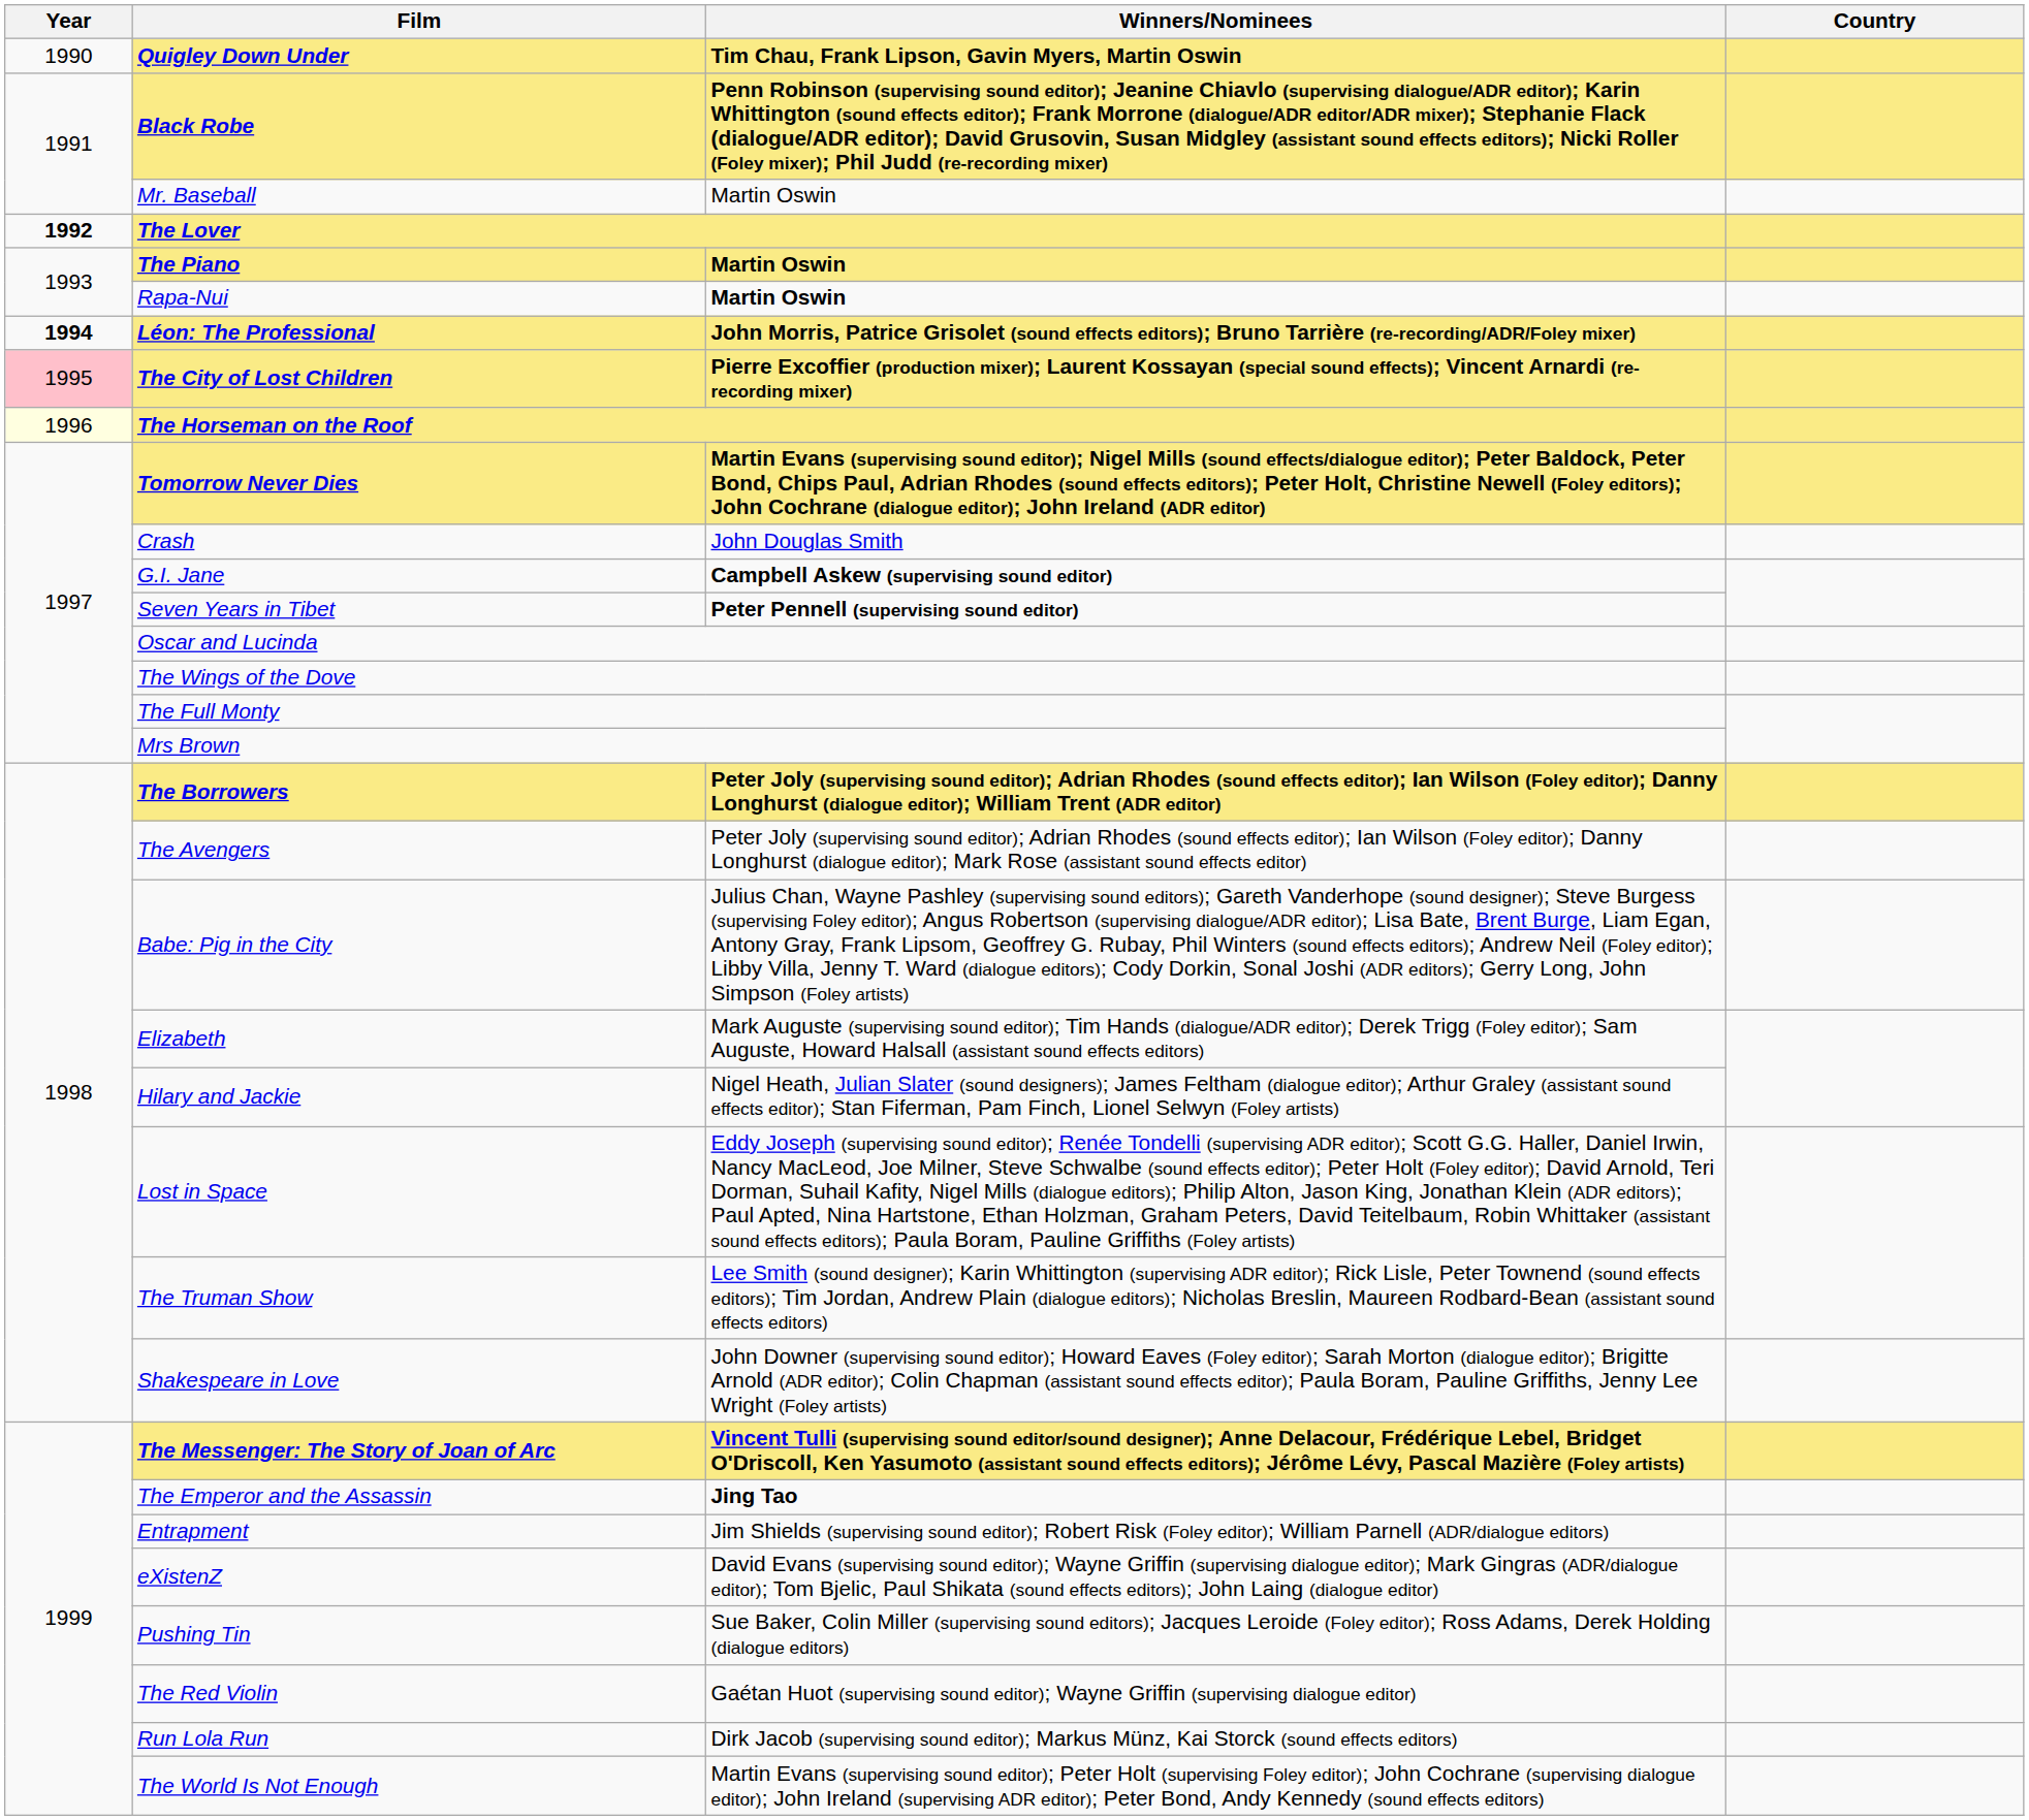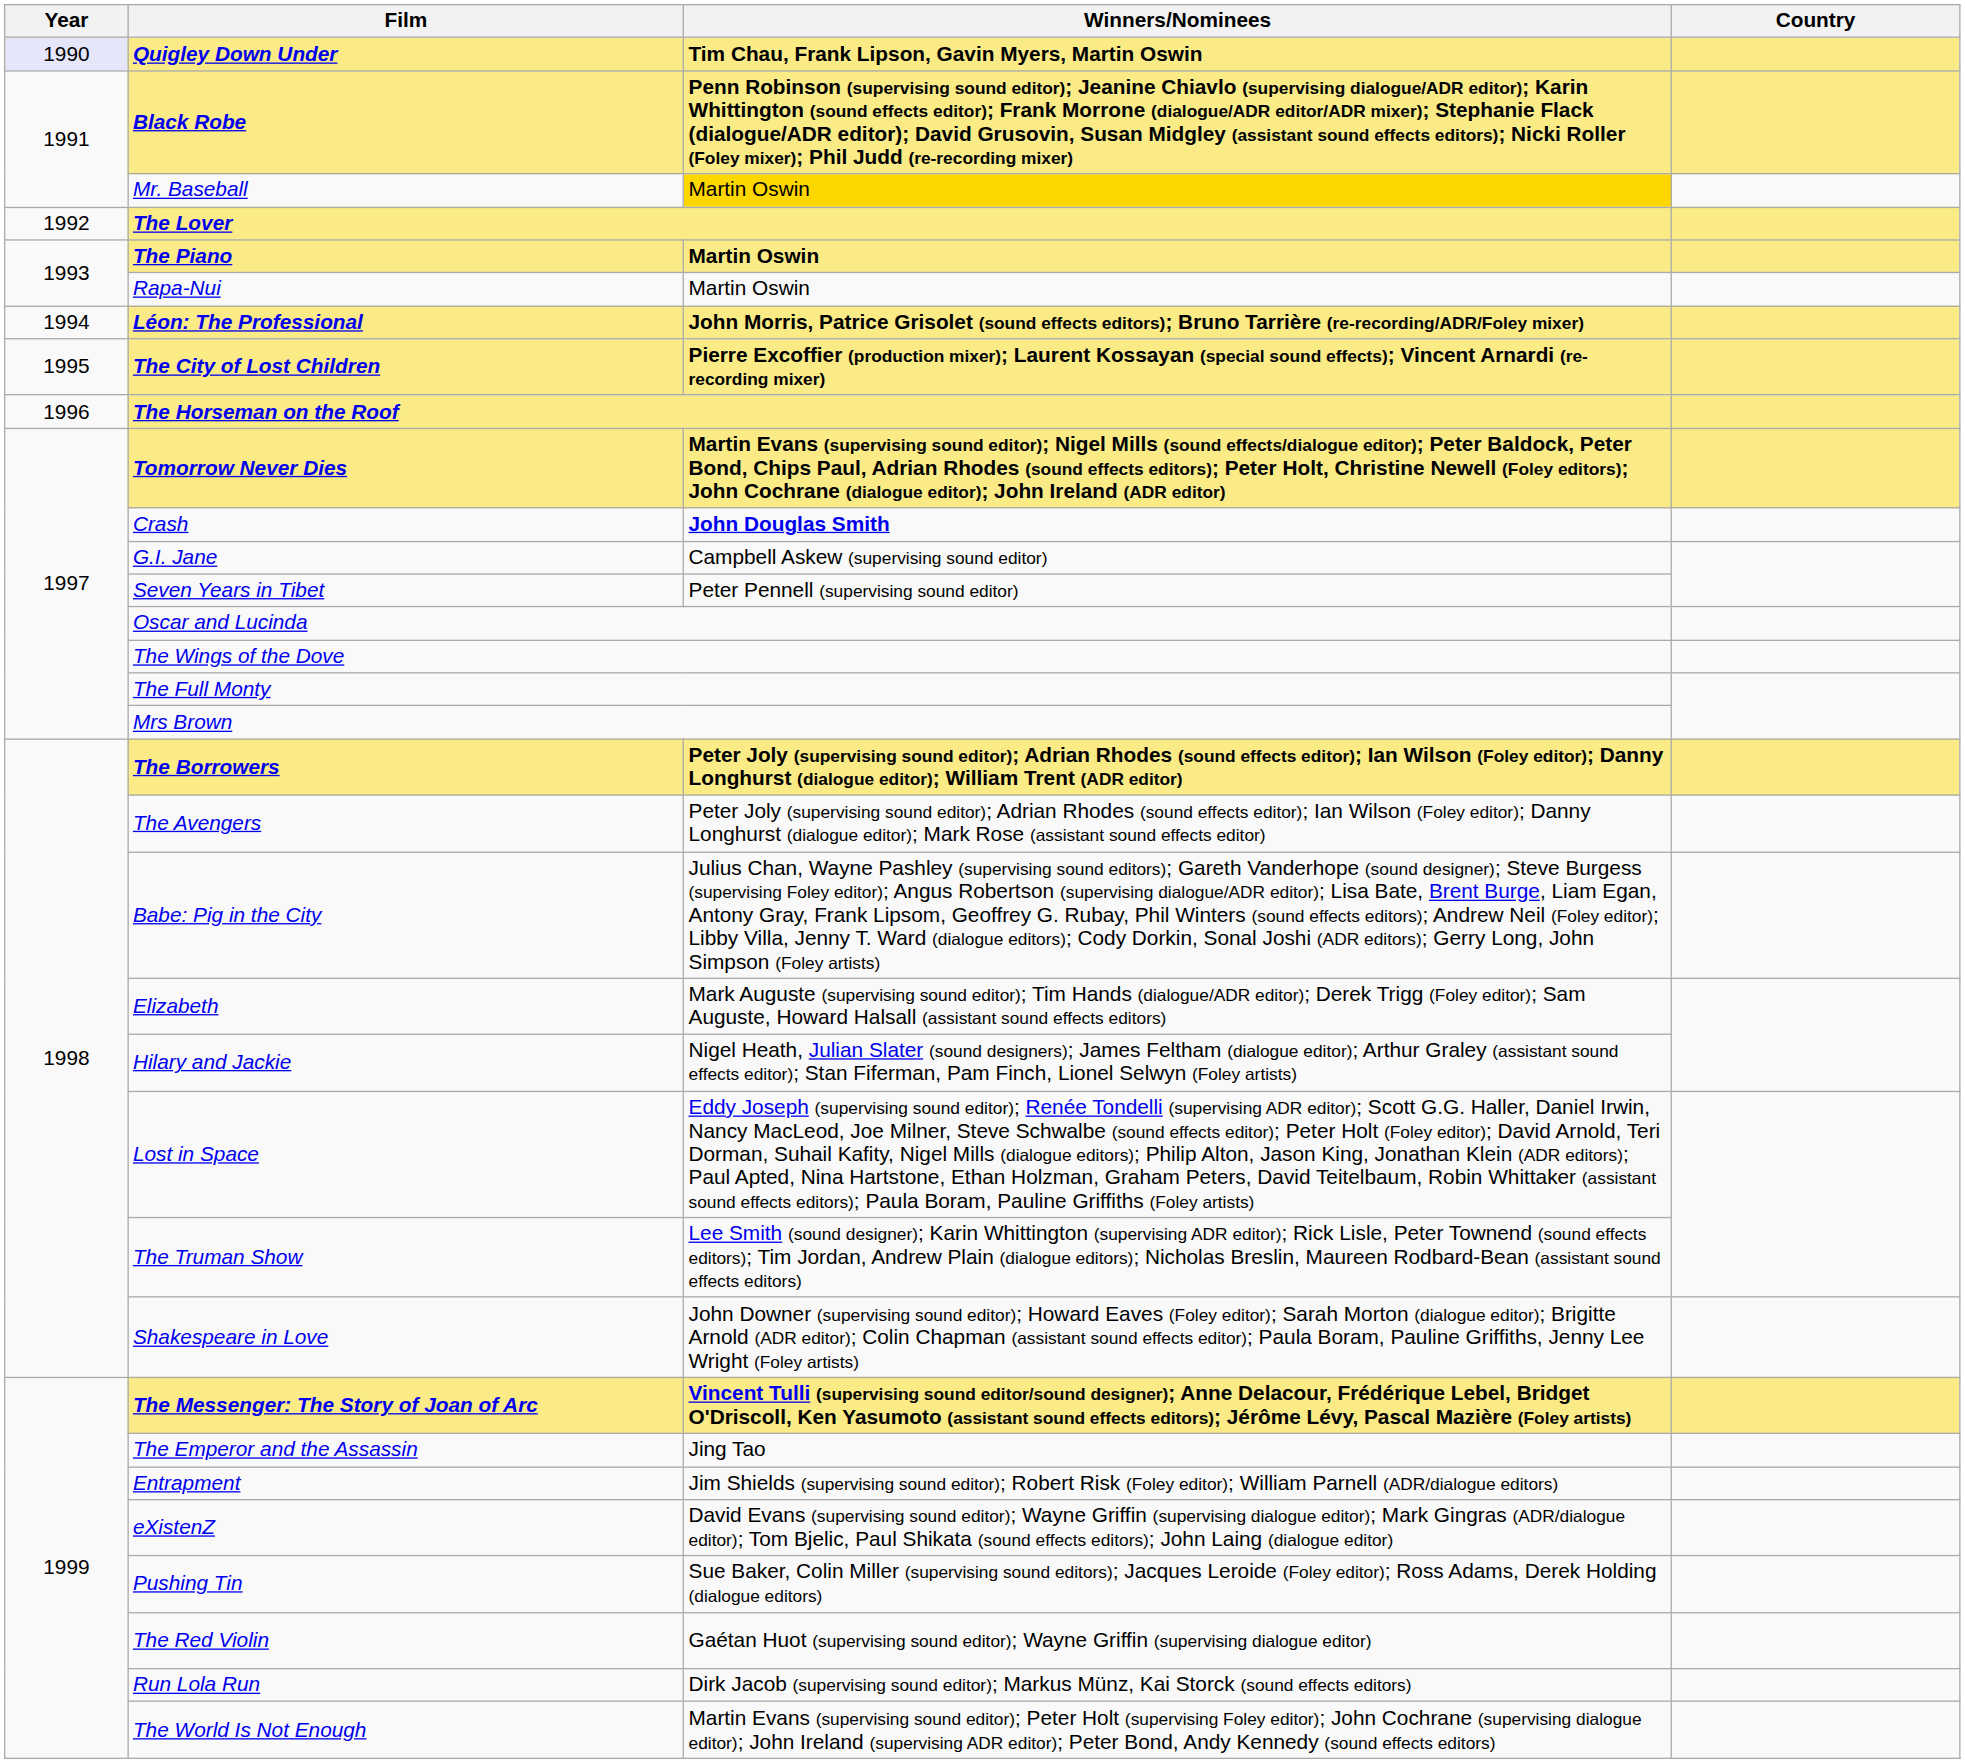 <table class="wikitable" width="95%" cellpadding="5">
 <tr>
 <th width="6%">Year</th>
 <th width="27%">Film</th>
 <th width="48%">Winners/Nominees</th>
 <th width="14%">Country</th>
 </tr>
 <tr>
-<td rowspan=1 style="text-align:center">1990</td>
+<td rowspan=1 style="background: lavender; text-align:center">1990</td>
 <td style="background:#FAEB86;"><strong><em><a href='#'>Quigley Down Under</a></em></strong></td>
 <td style="background:#FAEB86;"><strong>Tim Chau, Frank Lipson, Gavin Myers, Martin Oswin</strong></td>
 <td style="background:#FAEB86;"><strong><br></strong></td>
 </tr>
 <tr>
 <td rowspan=2 style="text-align:center">1991</td>
 <td style="background:#FAEB86;"><strong><em><a href='#'>Black Robe</a></em></strong></td>
 <td style="background:#FAEB86;"><strong>Penn Robinson <small>(supervising sound editor)</small>; Jeanine Chiavlo <small>(supervising dialogue/ADR editor)</small>; Karin Whittington <small>(sound effects editor)</small>; Frank Morrone <small>(dialogue/ADR editor/ADR mixer)</small>; Stephanie Flack (dialogue/ADR editor); David Grusovin, Susan Midgley <small>(assistant sound effects editors)</small>; Nicki Roller <small>(Foley mixer)</small>; Phil Judd <small>(re-recording mixer)</small></strong></td>
 <td style="background:#FAEB86;"><strong><br></strong></td>
 </tr>
 <tr>
 <td><em><a href='#'>Mr. Baseball</a></em></td>
-<td>Martin Oswin</td>
+<td style="background: gold;">Martin Oswin</td>
 <td></td>
 </tr>
 <tr>
-<td rowspan=1 style="text-align:center"><strong>1992</strong></td>
+<td rowspan=1 style="text-align:center">1992</td>
 <td colspan="2" style="background:#FAEB86;"><strong><em><a href='#'>The Lover</a></em></strong></td>
 <td style="background:#FAEB86;"><strong></strong></td>
 </tr>
 <tr>
 <td rowspan=2 style="text-align:center">1993</td>
 <td style="background:#FAEB86;"><strong><em><a href='#'>The Piano</a></em></strong></td>
 <td style="background:#FAEB86;"><strong>Martin Oswin</strong></td>
 <td style="background:#FAEB86;"><strong></strong></td>
 </tr>
 <tr>
 <td><em><a href='#'>Rapa-Nui</a></em></td>
-<td><strong>Martin Oswin</strong></td>
+<td>Martin Oswin</td>
 <td></td>
 </tr>
 <tr>
-<td rowspan=1 style="text-align:center"><strong>1994</strong></td>
+<td rowspan=1 style="text-align:center">1994</td>
 <td style="background:#FAEB86;"><strong><em><a href='#'>Léon: The Professional</a></em></strong></td>
 <td style="background:#FAEB86;"><strong>John Morris, Patrice Grisolet <small>(sound effects editors)</small>; Bruno Tarrière <small>(re-recording/ADR/Foley mixer)</small></strong></td>
 <td style="background:#FAEB86;"><strong></strong></td>
 </tr>
 <tr>
-<td rowspan=1 style="background: pink; text-align:center">1995</td>
+<td rowspan=1 style="text-align:center">1995</td>
 <td style="background:#FAEB86;"><strong><em><a href='#'>The City of Lost Children</a></em></strong></td>
 <td style="background:#FAEB86;"><strong>Pierre Excoffier <small>(production mixer)</small>; Laurent Kossayan <small>(special sound effects)</small>; Vincent Arnardi <small>(re-recording mixer)</small></strong></td>
 <td style="background:#FAEB86;"><strong></strong></td>
 </tr>
 <tr>
-<td rowspan=1 style="background: lightyellow; text-align:center">1996</td>
+<td rowspan=1 style="text-align:center">1996</td>
 <td colspan="2" style="background:#FAEB86;"><strong><em><a href='#'>The Horseman on the Roof</a></em></strong></td>
 <td style="background:#FAEB86;"><strong></strong></td>
 </tr>
 <tr>
 <td rowspan=8 style="text-align:center">1997</td>
 <td style="background:#FAEB86;"><strong><em><a href='#'>Tomorrow Never Dies</a></em></strong></td>
 <td style="background:#FAEB86;"><strong>Martin Evans <small>(supervising sound editor)</small>; Nigel Mills <small>(sound effects/dialogue editor)</small>; Peter Baldock, Peter Bond, Chips Paul, Adrian Rhodes <small>(sound effects editors)</small>; Peter Holt, Christine Newell <small>(Foley editors)</small>; John Cochrane <small>(dialogue editor)</small>; John Ireland <small>(ADR editor)</small></strong></td>
 <td style="background:#FAEB86;"><strong></strong></td>
 </tr>
 <tr>
 <td><em><a href='#'>Crash</a></em></td>
-<td><a href='#'>John Douglas Smith</a></td>
+<td><strong><a href='#'>John Douglas Smith</a></strong></td>
 <td><br></td>
 </tr>
 <tr>
 <td><em><a href='#'>G.I. Jane</a></em></td>
-<td><strong>Campbell Askew <small>(supervising sound editor)</small></strong></td>
+<td>Campbell Askew <small>(supervising sound editor)</small></td>
 <td rowspan="2"></td>
 </tr>
 <tr>
 <td><em><a href='#'>Seven Years in Tibet</a></em></td>
-<td><strong>Peter Pennell <small>(supervising sound editor)</small></strong></td>
+<td>Peter Pennell <small>(supervising sound editor)</small></td>
 </tr>
 <tr>
 <td colspan="2"><em><a href='#'>Oscar and Lucinda</a></em></td>
 <td><br></td>
 </tr>
 <tr>
 <td colspan="2"><em><a href='#'>The Wings of the Dove</a></em></td>
 <td><br></td>
 </tr>
 <tr>
 <td colspan="2"><em><a href='#'>The Full Monty</a></em></td>
 <td rowspan="2"></td>
 </tr>
 <tr>
 <td colspan="2"><em><a href='#'>Mrs Brown</a></em></td>
 </tr>
 <tr>
 <td rowspan=8 style="text-align:center">1998</td>
 <td style="background:#FAEB86;"><strong><em><a href='#'>The Borrowers</a></em></strong></td>
 <td style="background:#FAEB86;"><strong>Peter Joly <small>(supervising sound editor)</small>; Adrian Rhodes <small>(sound effects editor)</small>; Ian Wilson <small>(Foley editor)</small>; Danny Longhurst <small>(dialogue editor)</small>; William Trent <small>(ADR editor)</small></strong></td>
 <td style="background:#FAEB86;"><strong><br></strong></td>
 </tr>
 <tr>
 <td><em><a href='#'>The Avengers</a></em></td>
 <td>Peter Joly <small>(supervising sound editor)</small>; Adrian Rhodes <small>(sound effects editor)</small>; Ian Wilson <small>(Foley editor)</small>; Danny Longhurst <small>(dialogue editor)</small>; Mark Rose <small>(assistant sound effects editor)</small></td>
 <td></td>
 </tr>
 <tr>
 <td><em><a href='#'>Babe: Pig in the City</a></em></td>
 <td>Julius Chan, Wayne Pashley <small>(supervising sound editors)</small>; Gareth Vanderhope <small>(sound designer)</small>; Steve Burgess <small>(supervising Foley editor)</small>; Angus Robertson <small>(supervising dialogue/ADR editor)</small>; Lisa Bate, <a href='#'>Brent Burge</a>, Liam Egan, Antony Gray, Frank Lipsom, Geoffrey G. Rubay, Phil Winters <small>(sound effects editors)</small>; Andrew Neil <small>(Foley editor)</small>; Libby Villa, Jenny T. Ward <small>(dialogue editors)</small>; Cody Dorkin, Sonal Joshi <small>(ADR editors)</small>; Gerry Long, John Simpson <small>(Foley artists)</small></td>
 <td><br></td>
 </tr>
 <tr>
 <td><em><a href='#'>Elizabeth</a></em></td>
 <td>Mark Auguste <small>(supervising sound editor)</small>; Tim Hands <small>(dialogue/ADR editor)</small>; Derek Trigg <small>(Foley editor)</small>; Sam Auguste, Howard Halsall <small>(assistant sound effects editors)</small></td>
 <td rowspan="2"></td>
 </tr>
 <tr>
 <td><em><a href='#'>Hilary and Jackie</a></em></td>
 <td>Nigel Heath, <a href='#'>Julian Slater</a> <small>(sound designers)</small>; James Feltham <small>(dialogue editor)</small>; Arthur Graley <small>(assistant sound effects editor)</small>; Stan Fiferman, Pam Finch, Lionel Selwyn <small>(Foley artists)</small></td>
 </tr>
 <tr>
 <td><em><a href='#'>Lost in Space</a></em></td>
 <td><a href='#'>Eddy Joseph</a> <small>(supervising sound editor)</small>; <a href='#'>Renée Tondelli</a> <small>(supervising ADR editor)</small>; Scott G.G. Haller, Daniel Irwin, Nancy MacLeod, Joe Milner, Steve Schwalbe <small>(sound effects editor)</small>; Peter Holt <small>(Foley editor)</small>; David Arnold, Teri Dorman, Suhail Kafity, Nigel Mills <small>(dialogue editors)</small>; Philip Alton, Jason King, Jonathan Klein <small>(ADR editors)</small>; Paul Apted, Nina Hartstone, Ethan Holzman, Graham Peters, David Teitelbaum, Robin Whittaker <small>(assistant sound effects editors)</small>; Paula Boram, Pauline Griffiths <small>(Foley artists)</small></td>
 <td rowspan="2"></td>
 </tr>
 <tr>
 <td><em><a href='#'>The Truman Show</a></em></td>
 <td><a href='#'>Lee Smith</a> <small>(sound designer)</small>; Karin Whittington <small>(supervising ADR editor)</small>; Rick Lisle, Peter Townend <small>(sound effects editors)</small>; Tim Jordan, Andrew Plain <small>(dialogue editors)</small>; Nicholas Breslin, Maureen Rodbard-Bean <small>(assistant sound effects editors)</small></td>
 </tr>
 <tr>
 <td><em><a href='#'>Shakespeare in Love</a></em></td>
 <td>John Downer <small>(supervising sound editor)</small>; Howard Eaves <small>(Foley editor)</small>; Sarah Morton <small>(dialogue editor)</small>; Brigitte Arnold <small>(ADR editor)</small>; Colin Chapman <small>(assistant sound effects editor)</small>; Paula Boram, Pauline Griffiths, Jenny Lee Wright <small>(Foley artists)</small></td>
 <td><br></td>
 </tr>
 <tr>
 <td rowspan=8 style="text-align:center">1999<br></td>
 <td style="background:#FAEB86;"><strong><em><a href='#'>The Messenger: The Story of Joan of Arc</a></em></strong></td>
 <td style="background:#FAEB86;"><strong><a href='#'>Vincent Tulli</a> <small>(supervising sound editor/sound designer)</small>; Anne Delacour, Frédérique Lebel, Bridget O'Driscoll, Ken Yasumoto <small>(assistant sound effects editors)</small>; Jérôme Lévy, Pascal Mazière <small>(Foley artists)</small></strong></td>
 <td style="background:#FAEB86;"><strong></strong></td>
 </tr>
 <tr>
 <td><em><a href='#'>The Emperor and the Assassin</a></em></td>
-<td><strong>Jing Tao</strong></td>
+<td>Jing Tao</td>
 <td></td>
 </tr>
 <tr>
 <td><em><a href='#'>Entrapment</a></em></td>
 <td>Jim Shields <small>(supervising sound editor)</small>; Robert Risk <small>(Foley editor)</small>; William Parnell <small>(ADR/dialogue editors)</small></td>
 <td><br></td>
 </tr>
 <tr>
 <td><em><a href='#'>eXistenZ</a></em></td>
 <td>David Evans <small>(supervising sound editor)</small>; Wayne Griffin <small>(supervising dialogue editor)</small>; Mark Gingras <small>(ADR/dialogue editor)</small>; Tom Bjelic, Paul Shikata <small>(sound effects editors)</small>; John Laing <small>(dialogue editor)</small></td>
 <td><br><br></td>
 </tr>
 <tr>
 <td><em><a href='#'>Pushing Tin</a></em></td>
 <td>Sue Baker, Colin Miller <small>(supervising sound editors)</small>; Jacques Leroide <small>(Foley editor)</small>; Ross Adams, Derek Holding <small>(dialogue editors)</small></td>
 <td></td>
 </tr>
 <tr>
 <td><em><a href='#'>The Red Violin</a></em></td>
 <td>Gaétan Huot <small>(supervising sound editor)</small>; Wayne Griffin <small>(supervising dialogue editor)</small></td>
 <td><br><br></td>
 </tr>
 <tr>
 <td><em><a href='#'>Run Lola Run</a></em></td>
 <td>Dirk Jacob <small>(supervising sound editor)</small>; Markus Münz, Kai Storck <small>(sound effects editors)</small></td>
 <td></td>
 </tr>
 <tr>
 <td><em><a href='#'>The World Is Not Enough</a></em></td>
 <td>Martin Evans <small>(supervising sound editor)</small>; Peter Holt <small>(supervising Foley editor)</small>; John Cochrane <small>(supervising dialogue editor)</small>; John Ireland <small>(supervising ADR editor)</small>; Peter Bond, Andy Kennedy <small>(sound effects editors)</small></td>
 <td><br></td>
 </tr>
 </table>
